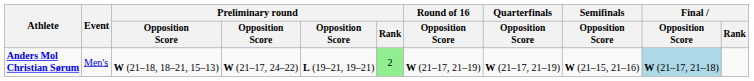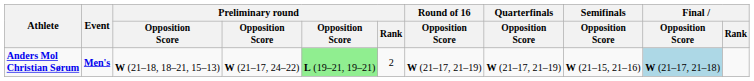 <table class=wikitable style="font-size:90%">
 <tr>
 <th rowspan=2>Athlete</th>
 <th rowspan=2>Event</th>
 <th colspan=4>Preliminary round</th>
 <th>Round of 16</th>
 <th>Quarterfinals</th>
 <th>Semifinals</th>
 <th colspan=2>Final / </th>
 </tr>
 <tr style=font-size:95%>
 <th>Opposition<br>Score</th>
 <th>Opposition<br>Score</th>
 <th>Opposition<br>Score</th>
 <th>Rank</th>
 <th>Opposition<br>Score</th>
 <th>Opposition<br>Score</th>
 <th>Opposition<br>Score</th>
 <th>Opposition<br>Score</th>
 <th>Rank</th>
 </tr>
 <tr align=center>
 <td align=left><strong><a href='#'>Anders Mol</a><br><a href='#'>Christian Sørum</a></strong></td>
-<td align=left><a href='#'>Men's</a></td>
+<td align=left><strong><a href='#'>Men's</a></strong></td>
 <td><br><strong>W</strong> (21–18, 18–21, 15–13)</td>
 <td><br> <strong>W</strong> (21–17, 24–22)</td>
-<td><br><strong>L</strong> (19–21, 19–21)</td>
-<td style="background: lightgreen;">2</td>
+<td style="background: lightgreen;"><br><strong>L</strong> (19–21, 19–21)</td>
+<td>2</td>
 <td><br><strong>W</strong> (21–17, 21–19)</td>
 <td><br><strong>W</strong> (21–17, 21–19)</td>
 <td><br><strong>W</strong> (21–15, 21–16)</td>
 <td style="background: lightblue;"><br><strong>W</strong> (21–17, 21–18)</td>
 <td></td>
 </tr>
 </table>
